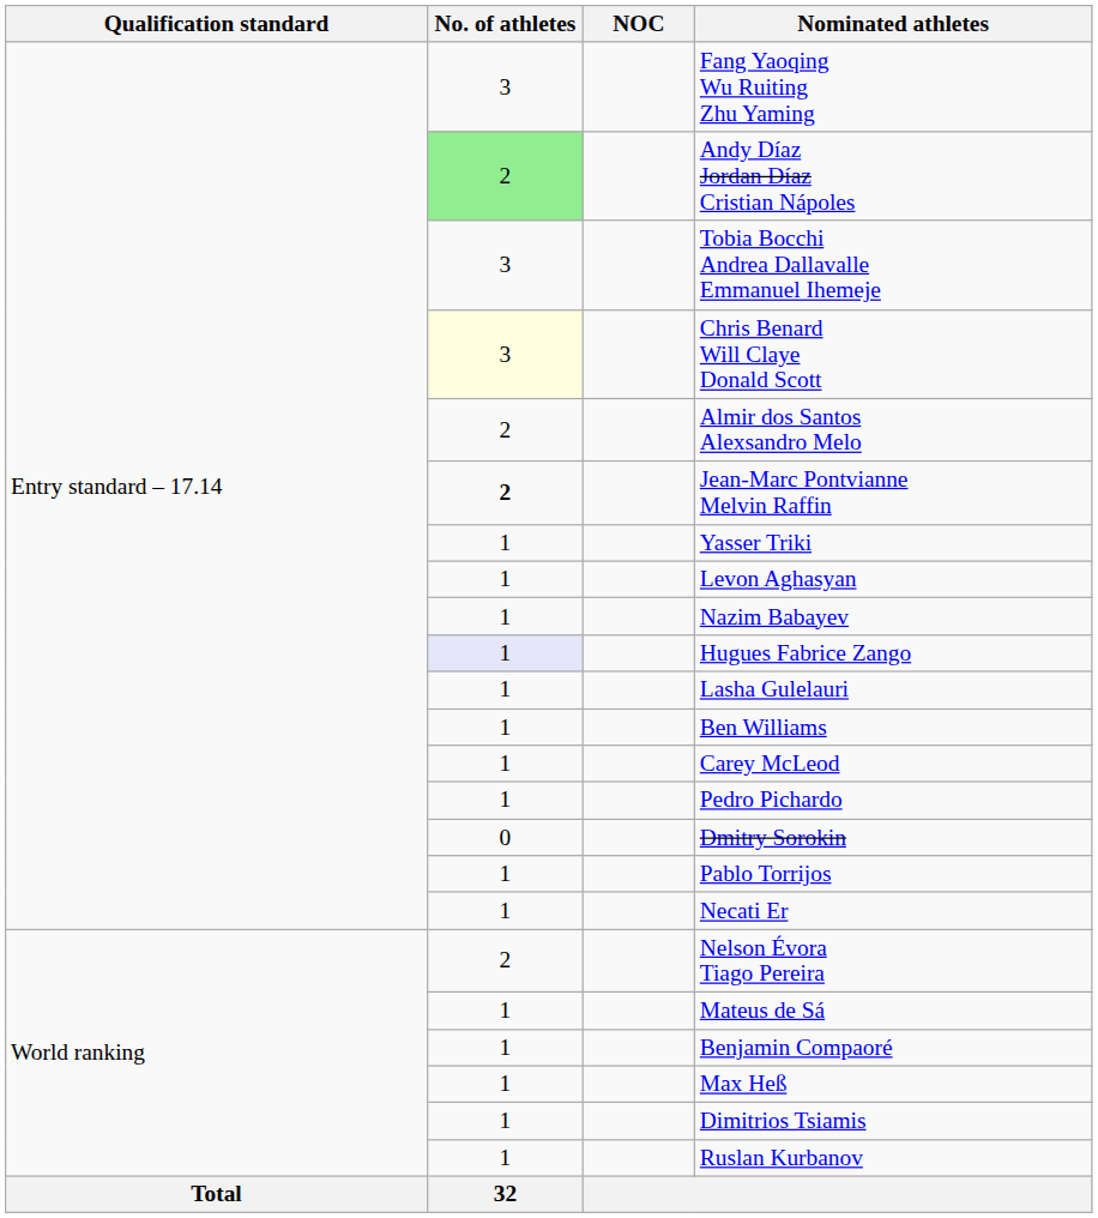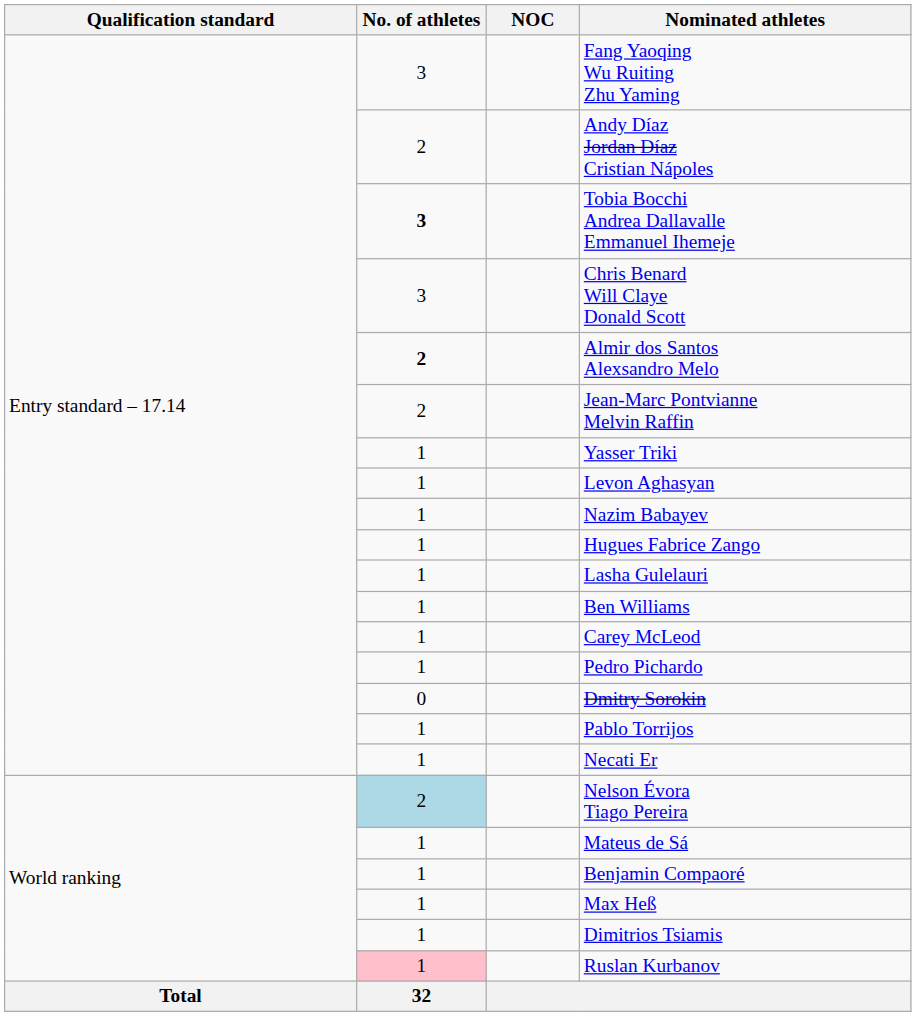 <table class="wikitable" style="text-align:left; width:750px;">
 <tr>
 <th>Qualification standard</th>
 <th width=100>No. of athletes</th>
 <th>NOC</th>
 <th>Nominated athletes</th>
 </tr>
 <tr>
 <td rowspan=17>Entry standard – 17.14</td>
 <td align=center>3</td>
 <td></td>
 <td><a href='#'>Fang Yaoqing</a><br><a href='#'>Wu Ruiting</a><br><a href='#'>Zhu Yaming</a></td>
 </tr>
 <tr>
-<td align=center style="background: lightgreen;">2</td>
+<td align=center>2</td>
 <td></td>
 <td><a href='#'>Andy Díaz</a><br><s><a href='#'>Jordan Díaz</a></s><br><a href='#'>Cristian Nápoles</a></td>
 </tr>
 <tr>
-<td align=center>3</td>
+<td align=center><strong>3</strong></td>
 <td></td>
 <td><a href='#'>Tobia Bocchi</a><br><a href='#'>Andrea Dallavalle</a><br><a href='#'>Emmanuel Ihemeje</a></td>
 </tr>
 <tr>
-<td align=center style="background: lightyellow;">3</td>
+<td align=center>3</td>
 <td></td>
 <td><a href='#'>Chris Benard</a><br><a href='#'>Will Claye</a><br><a href='#'>Donald Scott</a></td>
 </tr>
 <tr>
-<td align=center>2</td>
+<td align=center><strong>2</strong></td>
 <td></td>
 <td><a href='#'>Almir dos Santos</a><br><a href='#'>Alexsandro Melo</a></td>
 </tr>
 <tr>
-<td align=center><strong>2</strong></td>
+<td align=center>2</td>
 <td></td>
 <td><a href='#'>Jean-Marc Pontvianne</a><br><a href='#'>Melvin Raffin</a></td>
 </tr>
 <tr>
 <td align=center>1</td>
 <td></td>
 <td><a href='#'>Yasser Triki</a></td>
 </tr>
 <tr>
 <td align=center>1</td>
 <td></td>
 <td><a href='#'>Levon Aghasyan</a></td>
 </tr>
 <tr>
 <td align=center>1</td>
 <td></td>
 <td><a href='#'>Nazim Babayev</a></td>
 </tr>
 <tr>
-<td align=center style="background: lavender;">1</td>
+<td align=center>1</td>
 <td></td>
 <td><a href='#'>Hugues Fabrice Zango</a></td>
 </tr>
 <tr>
 <td align=center>1</td>
 <td></td>
 <td><a href='#'>Lasha Gulelauri</a></td>
 </tr>
 <tr>
 <td align=center>1</td>
 <td></td>
 <td><a href='#'>Ben Williams</a></td>
 </tr>
 <tr>
 <td align=center>1</td>
 <td></td>
 <td><a href='#'>Carey McLeod</a></td>
 </tr>
 <tr>
 <td align=center>1</td>
 <td></td>
 <td><a href='#'>Pedro Pichardo</a></td>
 </tr>
 <tr>
 <td align=center>0</td>
 <td></td>
 <td><s> <a href='#'>Dmitry Sorokin</a></s></td>
 </tr>
 <tr>
 <td align=center>1</td>
 <td></td>
 <td><a href='#'>Pablo Torrijos</a></td>
 </tr>
 <tr>
 <td align=center>1</td>
 <td></td>
 <td><a href='#'>Necati Er</a></td>
 </tr>
 <tr>
 <td rowspan=6>World ranking</td>
-<td align=center>2</td>
+<td align=center style="background: lightblue;">2</td>
 <td></td>
 <td><a href='#'>Nelson Évora</a><br><a href='#'>Tiago Pereira</a></td>
 </tr>
 <tr>
 <td align=center>1</td>
 <td></td>
 <td><a href='#'>Mateus de Sá</a></td>
 </tr>
 <tr>
 <td align=center>1</td>
 <td></td>
 <td><a href='#'>Benjamin Compaoré</a></td>
 </tr>
 <tr>
 <td align=center>1</td>
 <td></td>
 <td><a href='#'>Max Heß</a></td>
 </tr>
 <tr>
 <td align=center>1</td>
 <td></td>
 <td><a href='#'>Dimitrios Tsiamis</a></td>
 </tr>
 <tr>
-<td align=center>1</td>
+<td align=center style="background: pink;">1</td>
 <td></td>
 <td><a href='#'>Ruslan Kurbanov</a></td>
 </tr>
 <tr>
 <th>Total</th>
 <th>32</th>
 <th colspan=2></th>
 </tr>
 </table>
